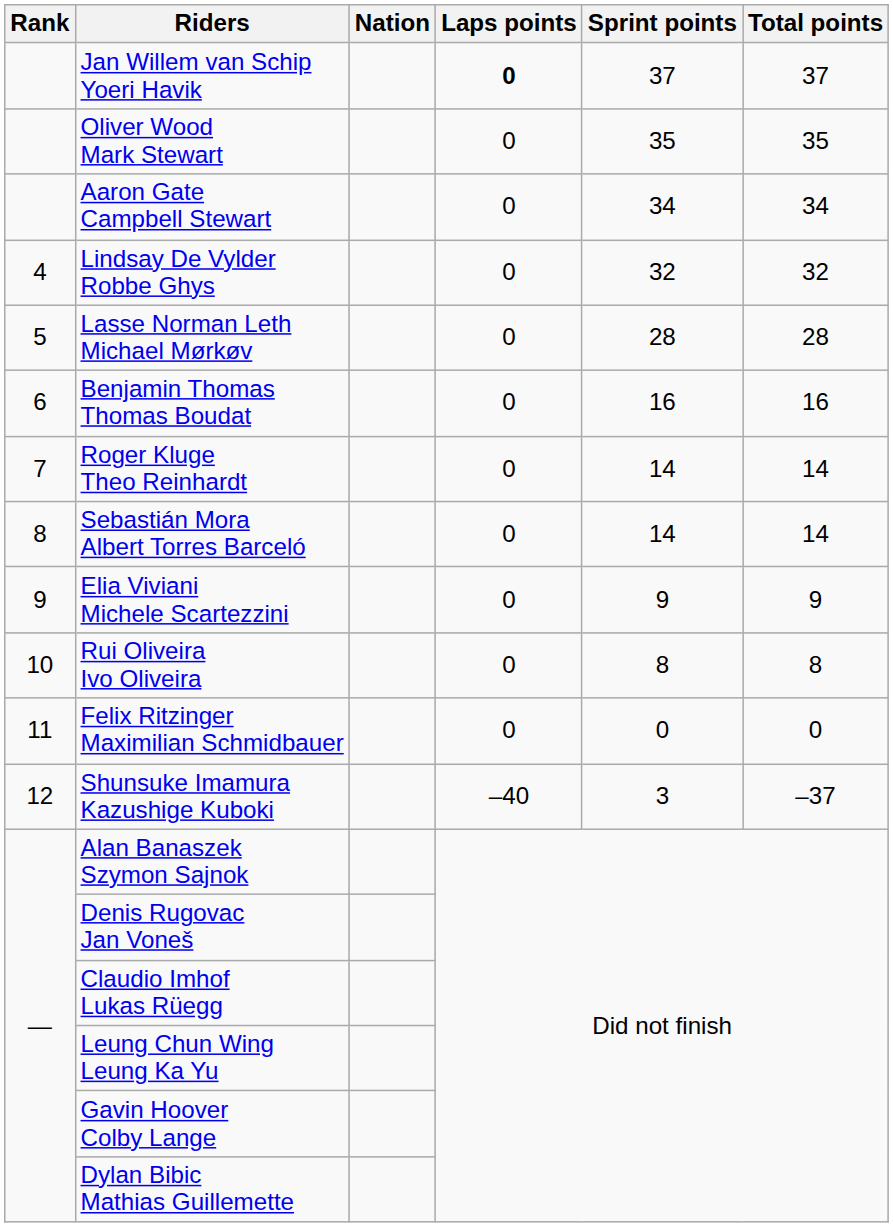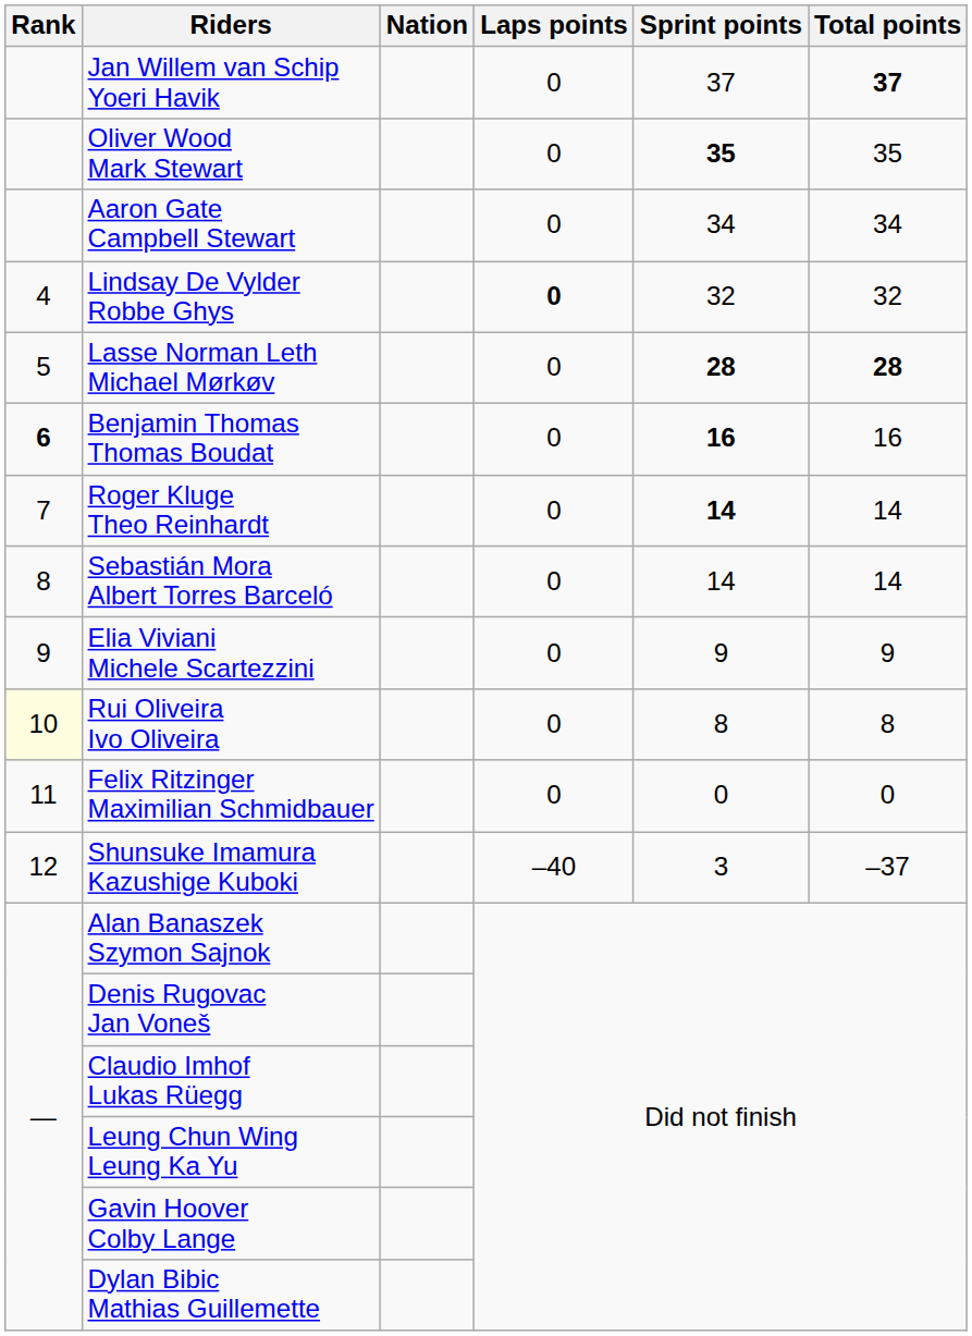 <table class="wikitable sortable" style="text-align:center">
 <tr>
 <th>Rank</th>
 <th>Riders</th>
 <th>Nation</th>
 <th>Laps points</th>
 <th>Sprint points</th>
 <th>Total points</th>
 </tr>
 <tr>
 <td></td>
 <td align=left><a href='#'>Jan Willem van Schip</a><br><a href='#'>Yoeri Havik</a></td>
 <td align=left></td>
-<td><strong>0</strong></td>
+<td>0</td>
 <td>37</td>
-<td>37</td>
+<td><strong>37</strong></td>
 </tr>
 <tr>
 <td></td>
 <td align=left><a href='#'>Oliver Wood</a><br><a href='#'>Mark Stewart</a></td>
 <td align=left></td>
 <td>0</td>
-<td>35</td>
+<td><strong>35</strong></td>
 <td>35</td>
 </tr>
 <tr>
 <td></td>
 <td align=left><a href='#'>Aaron Gate</a><br><a href='#'>Campbell Stewart</a></td>
 <td align=left></td>
 <td>0</td>
 <td>34</td>
 <td>34</td>
 </tr>
 <tr>
 <td>4</td>
 <td align=left><a href='#'>Lindsay De Vylder</a><br><a href='#'>Robbe Ghys</a></td>
 <td align=left></td>
-<td>0</td>
+<td><strong>0</strong></td>
 <td>32</td>
 <td>32</td>
 </tr>
 <tr>
 <td>5</td>
 <td align=left><a href='#'>Lasse Norman Leth</a><br><a href='#'>Michael Mørkøv</a></td>
 <td align=left></td>
 <td>0</td>
-<td>28</td>
-<td>28</td>
+<td><strong>28</strong></td>
+<td><strong>28</strong></td>
 </tr>
 <tr>
-<td>6</td>
+<td><strong>6</strong></td>
 <td align=left><a href='#'>Benjamin Thomas</a><br><a href='#'>Thomas Boudat</a></td>
 <td align=left></td>
 <td>0</td>
-<td>16</td>
+<td><strong>16</strong></td>
 <td>16</td>
 </tr>
 <tr>
 <td>7</td>
 <td align=left><a href='#'>Roger Kluge</a><br><a href='#'>Theo Reinhardt</a></td>
 <td align=left></td>
 <td>0</td>
-<td>14</td>
+<td><strong>14</strong></td>
 <td>14</td>
 </tr>
 <tr>
 <td>8</td>
 <td align=left><a href='#'>Sebastián Mora</a><br><a href='#'>Albert Torres Barceló</a></td>
 <td align=left></td>
 <td>0</td>
 <td>14</td>
 <td>14</td>
 </tr>
 <tr>
 <td>9</td>
 <td align=left><a href='#'>Elia Viviani</a><br><a href='#'>Michele Scartezzini</a></td>
 <td align=left></td>
 <td>0</td>
 <td>9</td>
 <td>9</td>
 </tr>
 <tr>
-<td>10</td>
+<td style="background: lightyellow;">10</td>
 <td align=left><a href='#'>Rui Oliveira</a><br><a href='#'>Ivo Oliveira</a></td>
 <td align=left></td>
 <td>0</td>
 <td>8</td>
 <td>8</td>
 </tr>
 <tr>
 <td>11</td>
 <td align=left><a href='#'>Felix Ritzinger</a><br><a href='#'>Maximilian Schmidbauer</a></td>
 <td align=left></td>
 <td>0</td>
 <td>0</td>
 <td>0</td>
 </tr>
 <tr>
 <td>12</td>
 <td align=left><a href='#'>Shunsuke Imamura</a><br><a href='#'>Kazushige Kuboki</a></td>
 <td align=left></td>
 <td>–40</td>
 <td>3</td>
 <td>–37</td>
 </tr>
 <tr>
 <td rowspan=6>—</td>
 <td align=left><a href='#'>Alan Banaszek</a><br><a href='#'>Szymon Sajnok</a></td>
 <td align=left></td>
 <td colspan=3 rowspan=6>Did not finish</td>
 </tr>
 <tr>
 <td align=left><a href='#'>Denis Rugovac</a><br><a href='#'>Jan Voneš</a></td>
 <td align=left></td>
 </tr>
 <tr>
 <td align=left><a href='#'>Claudio Imhof</a><br><a href='#'>Lukas Rüegg</a></td>
 <td align=left></td>
 </tr>
 <tr>
 <td align=left><a href='#'>Leung Chun Wing</a><br><a href='#'>Leung Ka Yu</a></td>
 <td align=left></td>
 </tr>
 <tr>
 <td align=left><a href='#'>Gavin Hoover</a><br><a href='#'>Colby Lange</a></td>
 <td align=left></td>
 </tr>
 <tr>
 <td align=left><a href='#'>Dylan Bibic</a><br><a href='#'>Mathias Guillemette</a></td>
 <td align=left></td>
 </tr>
 </table>
